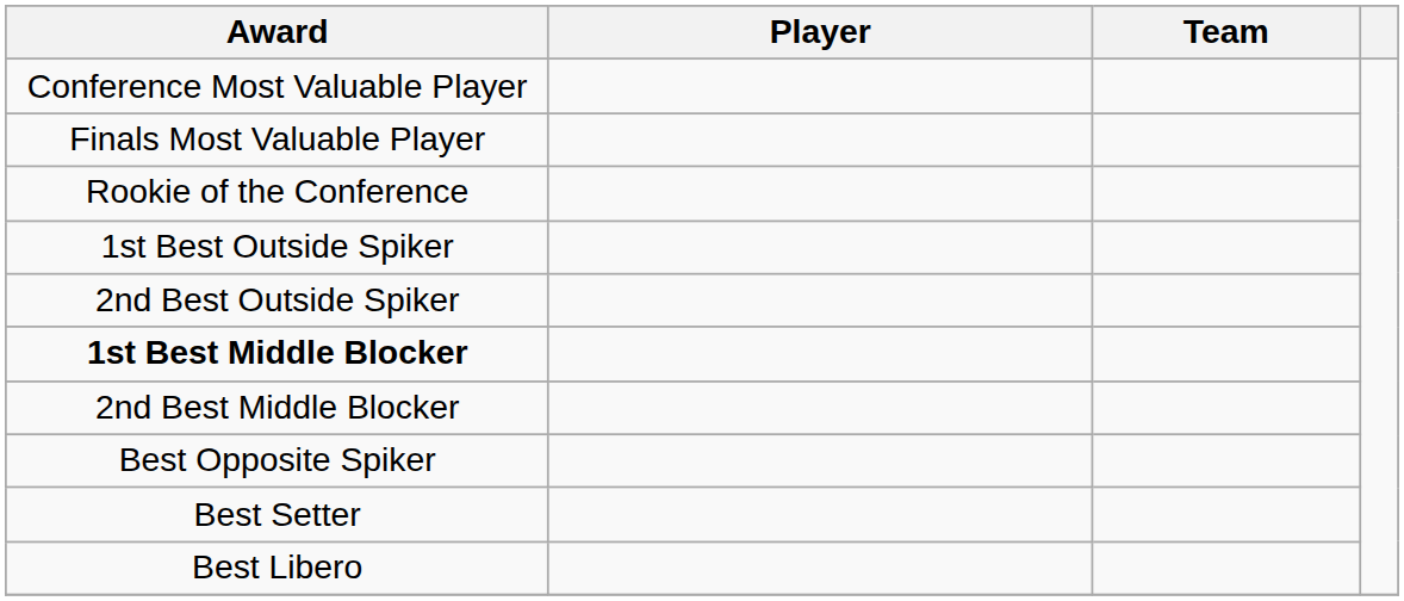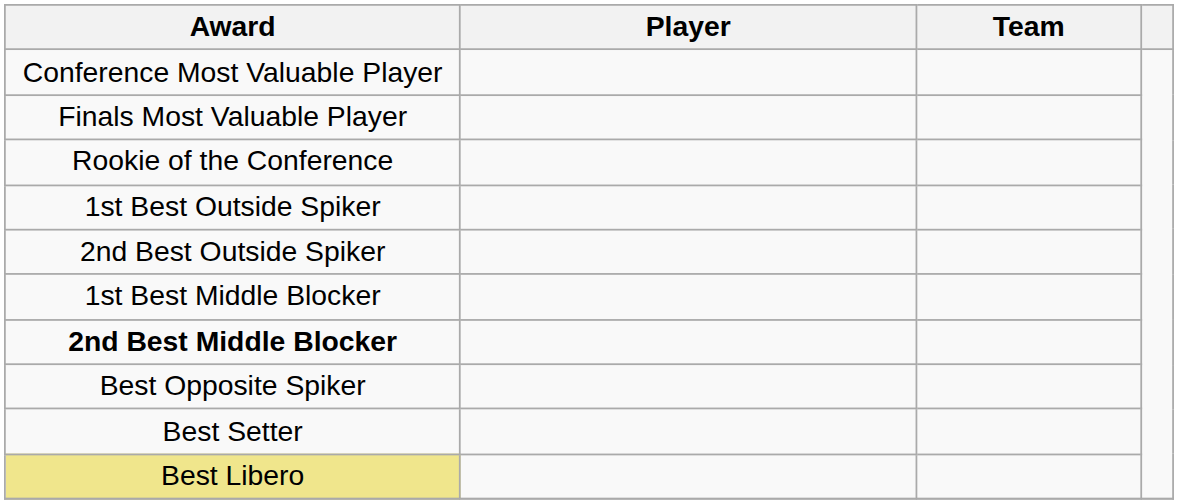 <table class="wikitable">
 <tr>
 <th width=250>Award</th>
 <th width=250>Player</th>
 <th width=120>Team</th>
 <th width=10></th>
 </tr>
 <tr>
 <td style="text-align:center">Conference Most Valuable Player</td>
 <td></td>
 <td></td>
 <td rowspan=10></td>
 </tr>
 <tr>
 <td style="text-align:center">Finals Most Valuable Player</td>
 <td></td>
 <td></td>
 </tr>
 <tr>
 <td style="text-align:center">Rookie of the Conference</td>
 <td></td>
 <td></td>
 </tr>
 <tr>
 <td style="text-align:center">1st Best Outside Spiker</td>
 <td></td>
 <td></td>
 </tr>
 <tr>
 <td style="text-align:center">2nd Best Outside Spiker</td>
 <td></td>
 <td></td>
 </tr>
 <tr>
-<td style="text-align:center"><strong>1st Best Middle Blocker</strong></td>
+<td style="text-align:center">1st Best Middle Blocker</td>
 <td></td>
 <td></td>
 </tr>
 <tr>
-<td style="text-align:center">2nd Best Middle Blocker</td>
+<td style="text-align:center"><strong>2nd Best Middle Blocker</strong></td>
 <td></td>
 <td></td>
 </tr>
 <tr>
 <td style="text-align:center">Best Opposite Spiker</td>
 <td></td>
 <td></td>
 </tr>
 <tr>
 <td style="text-align:center">Best Setter</td>
 <td></td>
 <td></td>
 </tr>
 <tr>
-<td style="text-align:center">Best Libero</td>
+<td style="background: khaki; text-align:center">Best Libero</td>
 <td></td>
 <td></td>
 </tr>
 <tr>
 </tr>
 </table>
